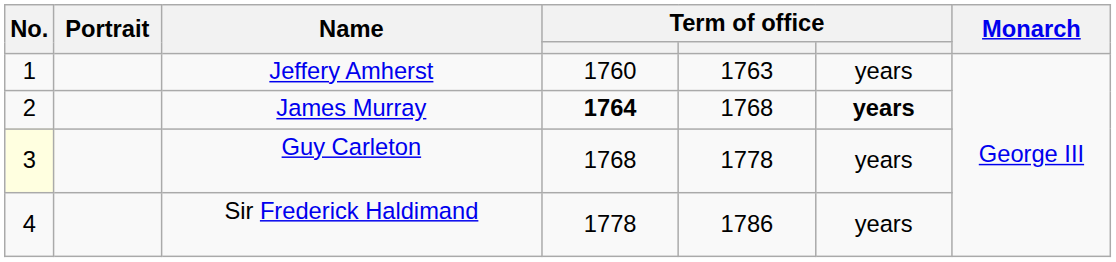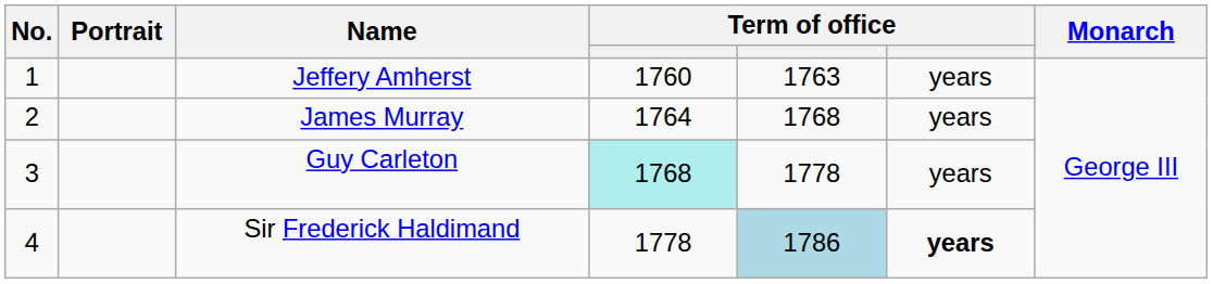 <table class="wikitable sortable sticky-header-multi" style="text-align:center; border:1px #aaf solid;">
 <tr>
 <th rowspan="2">No.</th>
 <th rowspan="2" width="65">Portrait</th>
 <th rowspan="2" width="250">Name<br></th>
 <th colspan="3">Term of office</th>
 <th rowspan="2" width="100"><a href='#'>Monarch</a><br></th>
 </tr>
 <tr>
 <th width="85"></th>
 <th width="85"></th>
 <th width="85"></th>
 </tr>
 <tr>
 <td>1</td>
 <td></td>
 <td><a href='#'>Jeffery Amherst</a><br></td>
 <td>1760</td>
 <td>1763</td>
 <td> years</td>
 <td rowspan="4"><a href='#'>George III</a><br></td>
 </tr>
 <tr>
 <td>2</td>
 <td></td>
 <td><a href='#'>James Murray</a><br></td>
-<td><strong>1764</strong></td>
+<td>1764</td>
 <td>1768</td>
-<td><strong> years</strong></td>
+<td> years</td>
 </tr>
 <tr>
-<td style="background: lightyellow;">3</td>
+<td>3</td>
 <td></td>
 <td><a href='#'>Guy Carleton</a><br><br></td>
-<td>1768</td>
+<td style="background: paleturquoise;">1768</td>
 <td>1778</td>
 <td> years</td>
 </tr>
 <tr>
 <td>4</td>
 <td></td>
 <td>Sir <a href='#'>Frederick Haldimand</a><br><br></td>
 <td>1778</td>
-<td>1786</td>
-<td> years</td>
+<td style="background: lightblue;">1786</td>
+<td><strong> years</strong></td>
 </tr>
 </table>
